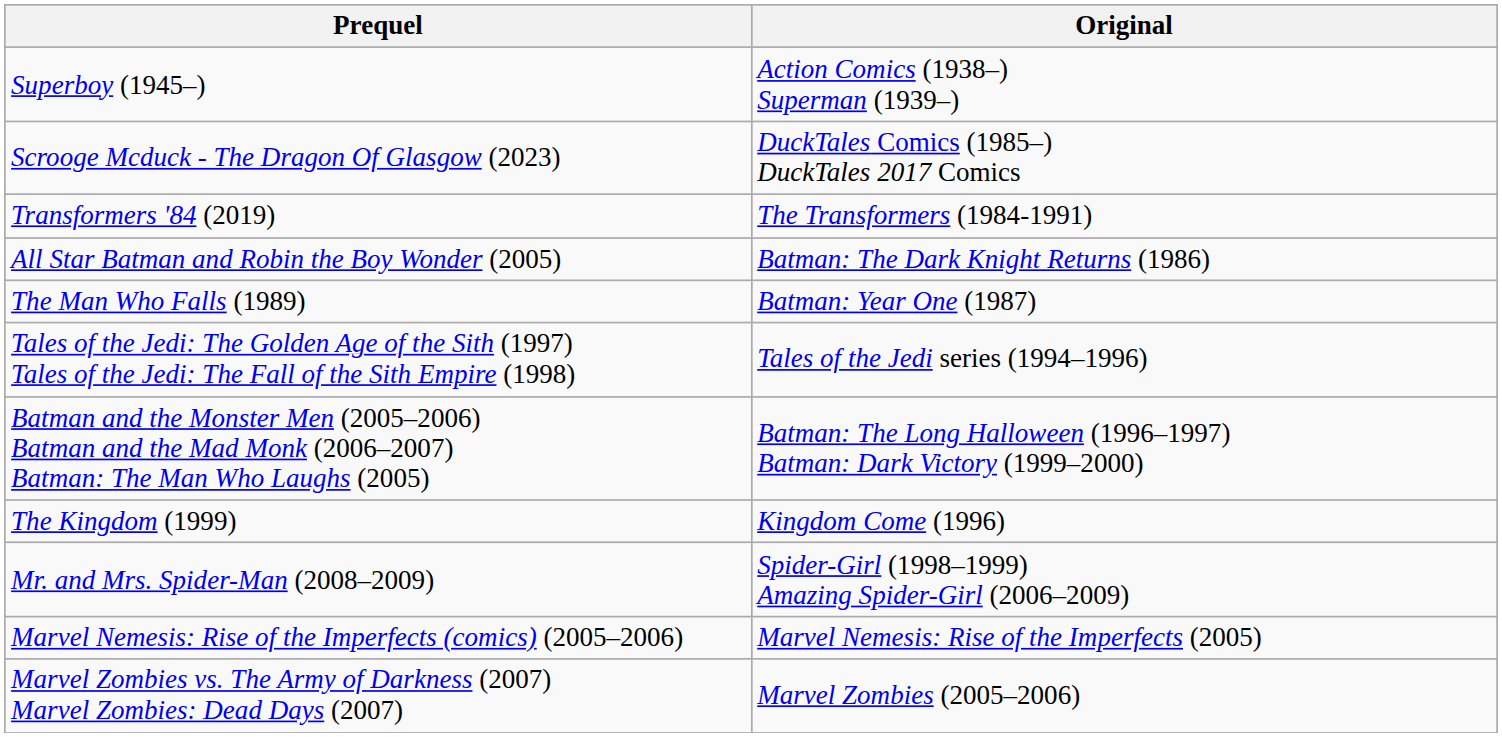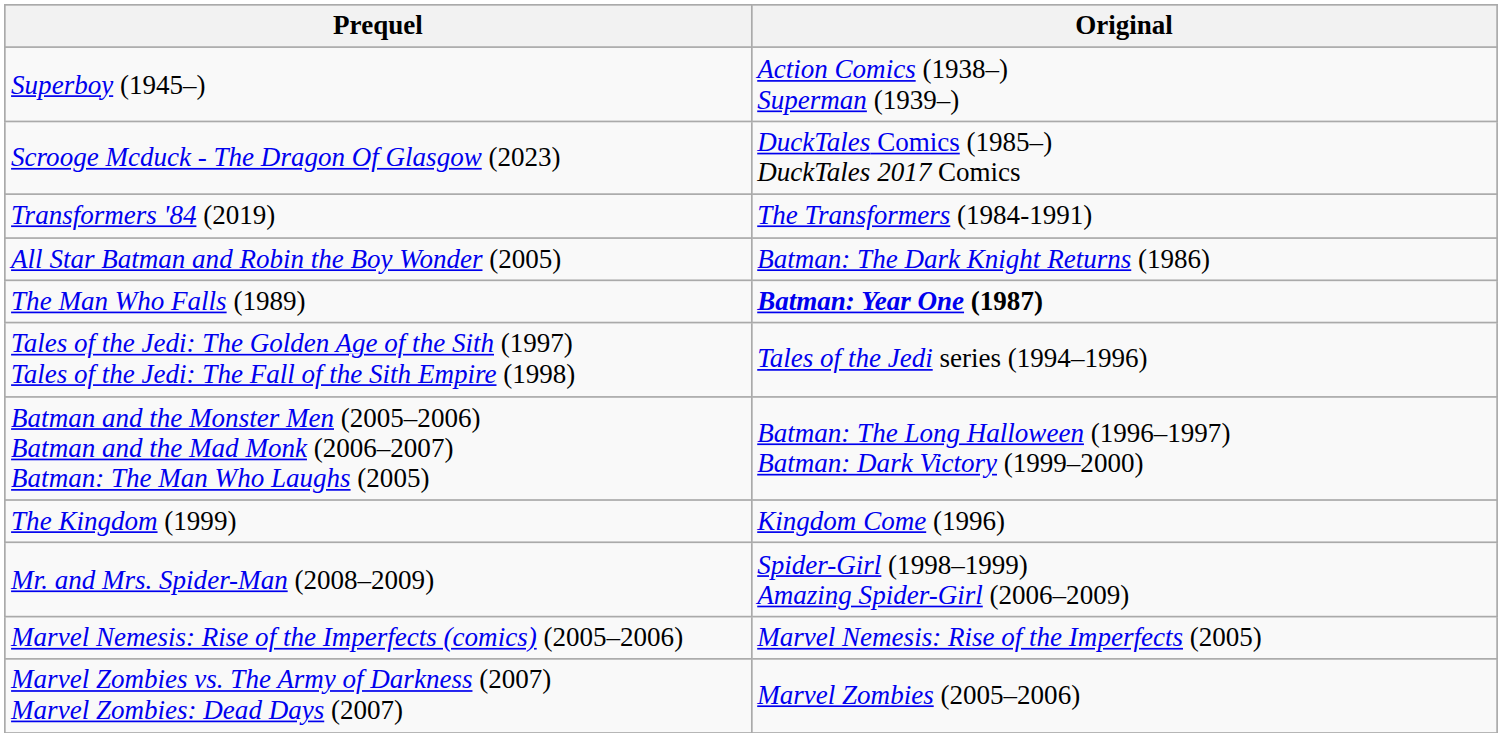 <table class="wikitable sortable" style="width:100%;">
 <tr>
 <th width="50%">Prequel</th>
 <th>Original</th>
 </tr>
 <tr>
 <td><em><a href='#'>Superboy</a></em> (1945–)</td>
 <td><em><a href='#'>Action Comics</a></em> (1938–)<br><em><a href='#'>Superman</a></em> (1939–)</td>
 </tr>
 <tr>
 <td><em><a href='#'>Scrooge Mcduck - The Dragon Of Glasgow</a></em> (2023)</td>
 <td><a href='#'><em>DuckTales</em> Comics</a> (1985–)<br><em>DuckTales 2017</em> Comics</td>
 </tr>
 <tr>
 <td><em><a href='#'>Transformers '84</a></em> (2019)</td>
 <td><em><a href='#'>The Transformers</a></em> (1984-1991)</td>
 </tr>
 <tr>
 <td><em><a href='#'>All Star Batman and Robin the Boy Wonder</a></em> (2005)</td>
 <td><em><a href='#'>Batman: The Dark Knight Returns</a></em> (1986)</td>
 </tr>
 <tr>
 <td><em><a href='#'>The Man Who Falls</a></em> (1989)</td>
-<td><em><a href='#'>Batman: Year One</a></em> (1987)</td>
+<td><strong><em><a href='#'>Batman: Year One</a></em> (1987)</strong></td>
 </tr>
 <tr>
 <td><em><a href='#'>Tales of the Jedi: The Golden Age of the Sith</a></em> (1997) <br><em><a href='#'>Tales of the Jedi: The Fall of the Sith Empire</a></em> (1998)</td>
 <td><em><a href='#'>Tales of the Jedi</a></em> series (1994–1996)</td>
 </tr>
 <tr>
 <td><em><a href='#'>Batman and the Monster Men</a></em> (2005–2006) <br><em><a href='#'>Batman and the Mad Monk</a></em> (2006–2007) <br><em><a href='#'>Batman: The Man Who Laughs</a></em> (2005)</td>
 <td><em><a href='#'>Batman: The Long Halloween</a></em> (1996–1997) <br><em><a href='#'>Batman: Dark Victory</a></em> (1999–2000)</td>
 </tr>
 <tr>
 <td><em><a href='#'>The Kingdom</a></em> (1999)</td>
 <td><em><a href='#'>Kingdom Come</a></em> (1996)</td>
 </tr>
 <tr>
 <td><em><a href='#'>Mr. and Mrs. Spider-Man</a></em> (2008–2009)</td>
 <td><em><a href='#'>Spider-Girl</a></em> (1998–1999) <br><em><a href='#'>Amazing Spider-Girl</a></em> (2006–2009)</td>
 </tr>
 <tr>
 <td><em><a href='#'>Marvel Nemesis: Rise of the Imperfects (comics)</a></em> (2005–2006)</td>
 <td><em><a href='#'>Marvel Nemesis: Rise of the Imperfects</a></em> (2005)</td>
 </tr>
 <tr>
 <td><em><a href='#'>Marvel Zombies vs. The Army of Darkness</a></em> (2007) <br><em><a href='#'>Marvel Zombies: Dead Days</a></em> (2007)</td>
 <td><em><a href='#'>Marvel Zombies</a></em> (2005–2006)</td>
 </tr>
 <tr>
 </tr>
 </table>
